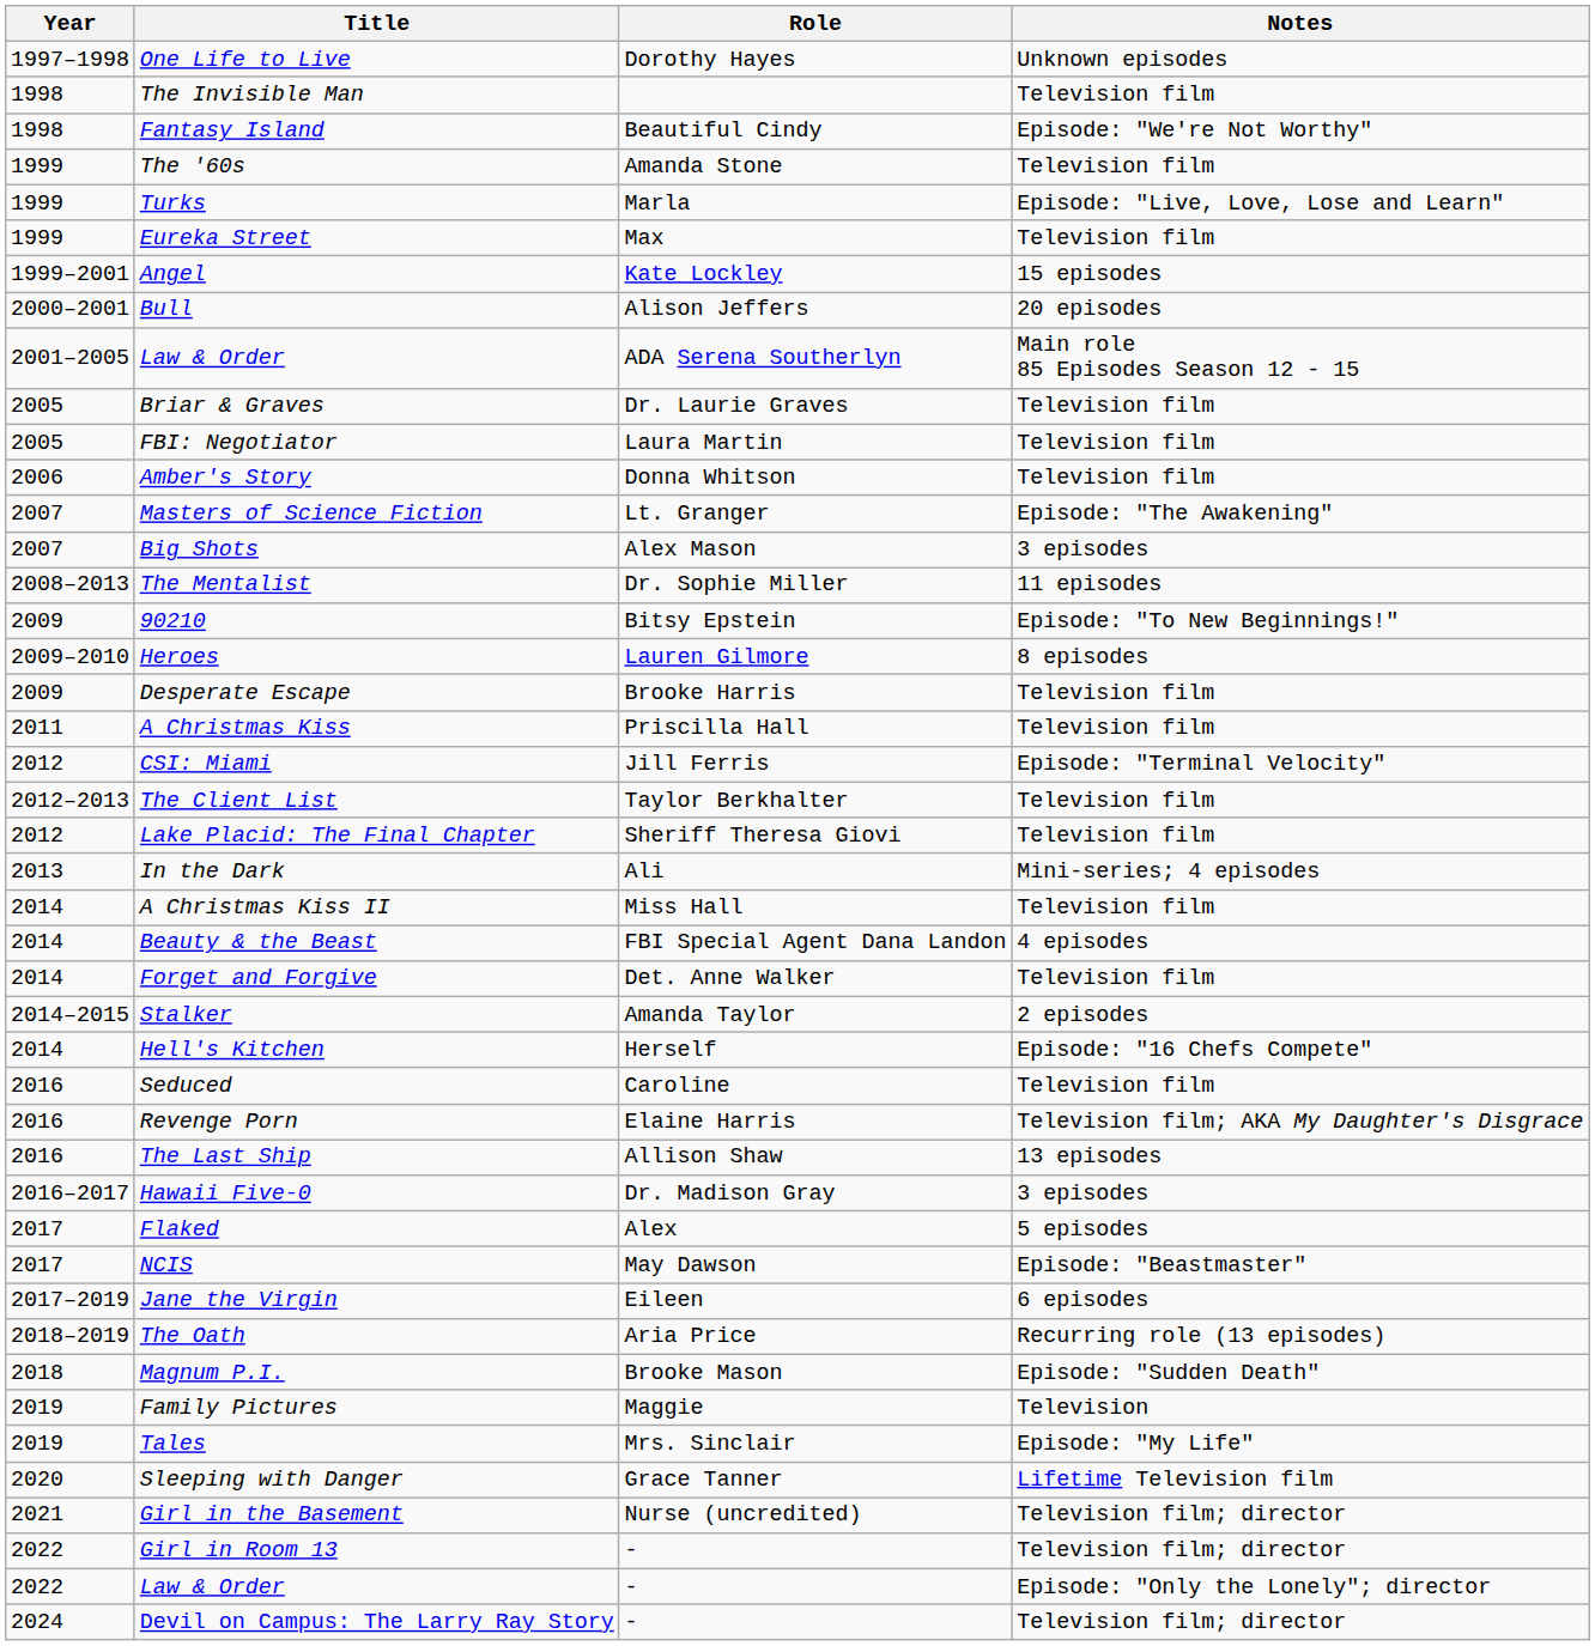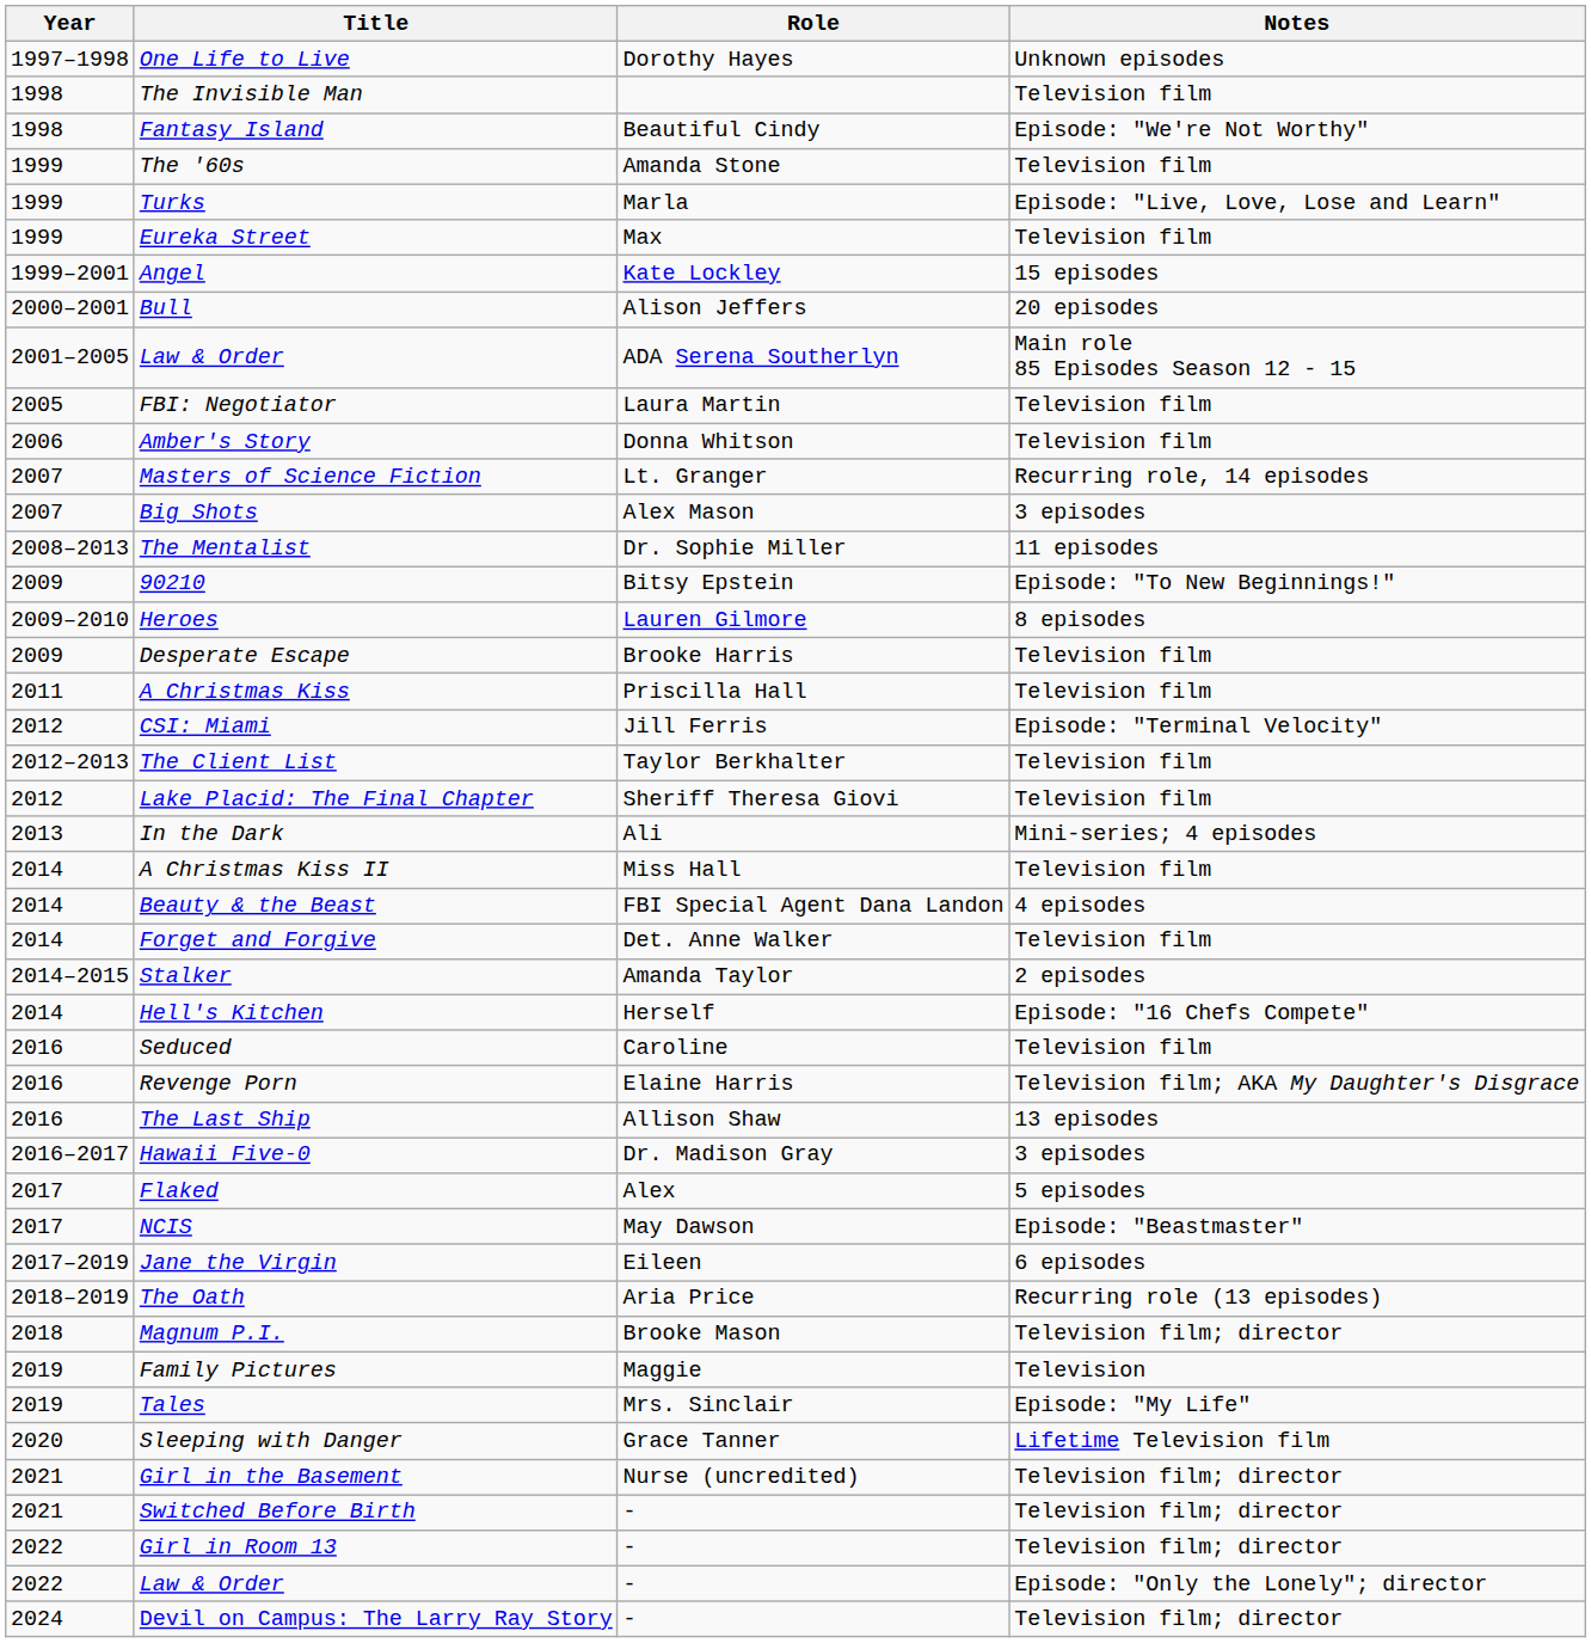 <table class="wikitable sortable">
 <tr>
 <th>Year</th>
 <th>Title</th>
 <th>Role</th>
 <th class="unsortable">Notes</th>
 </tr>
 <tr>
 <td>1997–1998</td>
 <td><em><a href='#'>One Life to Live</a></em></td>
 <td>Dorothy Hayes</td>
 <td>Unknown episodes</td>
 </tr>
 <tr>
 <td>1998</td>
 <td><em>The Invisible Man</em></td>
 <td></td>
 <td>Television film</td>
 </tr>
 <tr>
 <td>1998</td>
 <td><em><a href='#'>Fantasy Island</a></em></td>
 <td>Beautiful Cindy</td>
 <td>Episode: "We're Not Worthy"</td>
 </tr>
 <tr>
 <td>1999</td>
 <td><em>The '60s</em></td>
 <td>Amanda Stone</td>
 <td>Television film</td>
 </tr>
 <tr>
 <td>1999</td>
 <td><em><a href='#'>Turks</a></em></td>
 <td>Marla</td>
 <td>Episode: "Live, Love, Lose and Learn"</td>
 </tr>
 <tr>
 <td>1999</td>
 <td><em><a href='#'>Eureka Street</a></em></td>
 <td>Max</td>
 <td>Television film</td>
 </tr>
 <tr>
 <td>1999–2001</td>
 <td><em><a href='#'>Angel</a></em></td>
 <td><a href='#'>Kate Lockley</a></td>
 <td>15 episodes</td>
 </tr>
 <tr>
 <td>2000–2001</td>
 <td><em><a href='#'>Bull</a></em></td>
 <td>Alison Jeffers</td>
 <td>20 episodes</td>
 </tr>
 <tr>
 <td>2001–2005</td>
 <td><em><a href='#'>Law & Order</a></em></td>
 <td>ADA <a href='#'>Serena Southerlyn</a></td>
 <td>Main role<br>85 Episodes Season 12 - 15</td>
 </tr>
 <tr>
 <td>2005</td>
-<td><em>Briar & Graves</em></td>
-<td>Dr. Laurie Graves</td>
-<td>Television film</td>
-</tr>
-<tr>
-<td>2005</td>
 <td><em>FBI: Negotiator</em></td>
 <td>Laura Martin</td>
 <td>Television film</td>
 </tr>
 <tr>
 <td>2006</td>
 <td><em><a href='#'>Amber's Story</a></em></td>
 <td>Donna Whitson</td>
 <td>Television film</td>
 </tr>
 <tr>
 <td>2007</td>
 <td><em><a href='#'>Masters of Science Fiction</a></em></td>
 <td>Lt. Granger</td>
-<td>Episode: "The Awakening"</td>
+<td>Recurring role, 14 episodes</td>
 </tr>
 <tr>
 <td>2007</td>
 <td><em><a href='#'>Big Shots</a></em></td>
 <td>Alex Mason</td>
 <td>3 episodes</td>
 </tr>
 <tr>
 <td>2008–2013</td>
 <td><em><a href='#'>The Mentalist</a></em></td>
 <td>Dr. Sophie Miller</td>
 <td>11 episodes</td>
 </tr>
 <tr>
 <td>2009</td>
 <td><em><a href='#'>90210</a></em></td>
 <td>Bitsy Epstein</td>
 <td>Episode: "To New Beginnings!"</td>
 </tr>
 <tr>
 <td>2009–2010</td>
 <td><em><a href='#'>Heroes</a></em></td>
 <td><a href='#'>Lauren Gilmore</a></td>
 <td>8 episodes</td>
 </tr>
 <tr>
 <td>2009</td>
 <td><em>Desperate Escape</em></td>
 <td>Brooke Harris</td>
 <td>Television film</td>
 </tr>
 <tr>
 <td>2011</td>
 <td><em><a href='#'>A Christmas Kiss</a></em></td>
 <td>Priscilla Hall</td>
 <td>Television film</td>
 </tr>
 <tr>
 <td>2012</td>
 <td><em><a href='#'>CSI: Miami</a></em></td>
 <td>Jill Ferris</td>
 <td>Episode: "Terminal Velocity"</td>
 </tr>
 <tr>
 <td>2012–2013</td>
 <td><em><a href='#'>The Client List</a></em></td>
 <td>Taylor Berkhalter</td>
 <td>Television film</td>
 </tr>
 <tr>
 <td>2012</td>
 <td><em><a href='#'>Lake Placid: The Final Chapter</a></em></td>
 <td>Sheriff Theresa Giovi</td>
 <td>Television film</td>
 </tr>
 <tr>
 <td>2013</td>
 <td><em>In the Dark</em></td>
 <td>Ali</td>
 <td>Mini-series; 4 episodes</td>
 </tr>
 <tr>
 <td>2014</td>
 <td><em>A Christmas Kiss II</em></td>
 <td>Miss Hall</td>
 <td>Television film</td>
 </tr>
 <tr>
 <td>2014</td>
 <td><em><a href='#'>Beauty & the Beast</a></em></td>
 <td>FBI Special Agent Dana Landon</td>
 <td>4 episodes</td>
 </tr>
 <tr>
 <td>2014</td>
 <td><em><a href='#'>Forget and Forgive</a></em></td>
 <td>Det. Anne Walker</td>
 <td>Television film</td>
 </tr>
 <tr>
 <td>2014–2015</td>
 <td><em><a href='#'>Stalker</a></em></td>
 <td>Amanda Taylor</td>
 <td>2 episodes</td>
 </tr>
 <tr>
 <td>2014</td>
 <td><em><a href='#'>Hell's Kitchen</a></em></td>
 <td>Herself</td>
 <td>Episode: "16 Chefs Compete"</td>
 </tr>
 <tr>
 <td>2016</td>
 <td><em>Seduced</em></td>
 <td>Caroline</td>
 <td>Television film</td>
 </tr>
 <tr>
 <td>2016</td>
 <td><em>Revenge Porn</em></td>
 <td>Elaine Harris</td>
 <td>Television film; AKA <em>My Daughter's Disgrace</em></td>
 </tr>
 <tr>
 <td>2016</td>
 <td><em><a href='#'>The Last Ship</a></em></td>
 <td>Allison Shaw</td>
 <td>13 episodes</td>
 </tr>
 <tr>
 <td>2016–2017</td>
 <td><em><a href='#'>Hawaii Five-0</a></em></td>
 <td>Dr. Madison Gray</td>
 <td>3 episodes</td>
 </tr>
 <tr>
 <td>2017</td>
 <td><em><a href='#'>Flaked</a></em></td>
 <td>Alex</td>
 <td>5 episodes</td>
 </tr>
 <tr>
 <td>2017</td>
 <td><em><a href='#'>NCIS</a></em></td>
 <td>May Dawson</td>
 <td>Episode: "Beastmaster"</td>
 </tr>
 <tr>
 <td>2017–2019</td>
 <td><em><a href='#'>Jane the Virgin</a></em></td>
 <td>Eileen</td>
 <td>6 episodes</td>
 </tr>
 <tr>
 <td>2018–2019</td>
 <td><em><a href='#'>The Oath</a></em></td>
 <td>Aria Price</td>
 <td>Recurring role (13 episodes)</td>
 </tr>
 <tr>
 <td>2018</td>
 <td><em><a href='#'>Magnum P.I.</a></em></td>
 <td>Brooke Mason</td>
-<td>Episode: "Sudden Death"</td>
+<td>Television film; director</td>
 </tr>
 <tr>
 <td>2019</td>
 <td><em>Family Pictures</em></td>
 <td>Maggie</td>
 <td>Television</td>
 </tr>
 <tr>
 <td>2019</td>
 <td><em><a href='#'>Tales</a></em></td>
 <td>Mrs. Sinclair</td>
 <td>Episode: "My Life"</td>
 </tr>
 <tr>
 <td>2020</td>
 <td><em>Sleeping with Danger</em></td>
 <td>Grace Tanner</td>
 <td><a href='#'>Lifetime</a> Television film</td>
 </tr>
 <tr>
 <td>2021</td>
 <td><em><a href='#'>Girl in the Basement</a></em></td>
 <td>Nurse (uncredited)</td>
 <td>Television film; director</td>
 </tr>
 <tr>
+<td>2021</td>
+<td><em><a href='#'>Switched Before Birth</a></em></td>
+<td>-</td>
+<td>Television film; director</td>
+</tr>
+<tr>
 <td>2022</td>
 <td><em><a href='#'>Girl in Room 13</a></em></td>
 <td>-</td>
 <td>Television film; director</td>
 </tr>
 <tr>
 <td>2022</td>
 <td><em><a href='#'>Law & Order</a></td>
 <td>-</td>
 <td>Episode: "Only the Lonely"; director</td>
 </tr>
 <tr>
 <td>2024</td>
 <td></em><a href='#'>Devil on Campus: The Larry Ray Story</a><em></td>
 <td>-</td>
 <td>Television film; director</td>
 </tr>
 </table>
